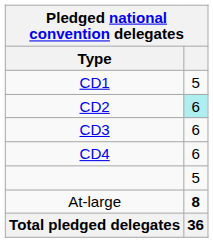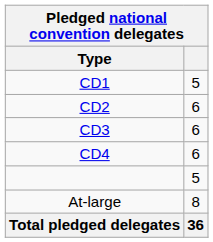 <table class="wikitable sortable" style="font-size:90%;text-align:center;float:right;padding:5px;">
 <tr>
 <th colspan="2">Pledged <a href='#'>national<br>convention</a> delegates</th>
 </tr>
 <tr>
 <th>Type</th>
 <th></th>
 </tr>
 <tr>
 <td><a href='#'>CD1</a></td>
 <td>5</td>
 </tr>
 <tr>
 <td><a href='#'>CD2</a></td>
-<td style="background: paleturquoise;">6</td>
+<td>6</td>
 </tr>
 <tr>
 <td><a href='#'>CD3</a></td>
 <td>6</td>
 </tr>
 <tr>
 <td><a href='#'>CD4</a></td>
 <td>6</td>
 </tr>
 <tr>
 <td></td>
 <td>5</td>
 </tr>
 <tr>
 <td>At-large</td>
-<td><strong>8</strong></td>
+<td>8</td>
 </tr>
 <tr>
 <th>Total pledged delegates</th>
 <th>36</th>
 </tr>
 </table>
